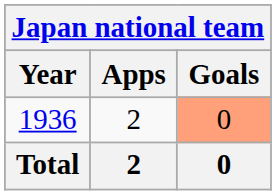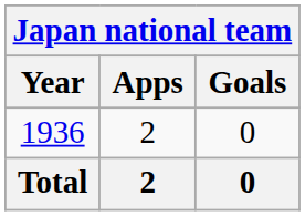 <table class="wikitable" style="text-align:center">
 <tr>
 <th colspan=3><a href='#'>Japan national team</a></th>
 </tr>
 <tr>
 <th>Year</th>
 <th>Apps</th>
 <th>Goals</th>
 </tr>
 <tr>
 <td><a href='#'>1936</a></td>
 <td>2</td>
-<td style="background: lightsalmon;">0</td>
+<td>0</td>
 </tr>
 <tr>
 <th>Total</th>
 <th>2</th>
 <th>0</th>
 </tr>
 </table>
